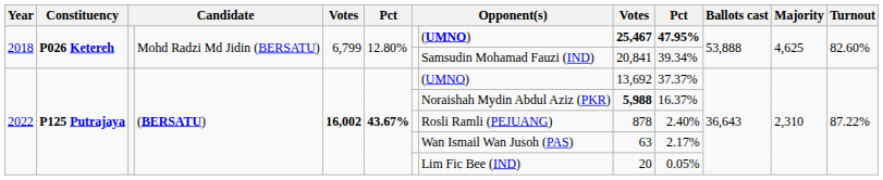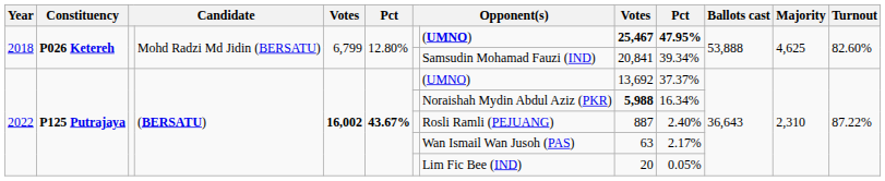 <table class="wikitable" style="margin:0.5em ; font-size:95%">
 <tr>
 <th>Year</th>
 <th>Constituency</th>
 <th colspan=2>Candidate</th>
 <th>Votes</th>
 <th>Pct</th>
 <th colspan=2>Opponent(s)</th>
 <th>Votes</th>
 <th>Pct</th>
 <th>Ballots cast</th>
 <th>Majority</th>
 <th>Turnout</th>
 </tr>
 <tr>
 <td rowspan="2"><a href='#'>2018</a></td>
 <td rowspan="2"><strong>P026 <a href='#'>Ketereh</a></strong></td>
 <td rowspan="2" ></td>
 <td rowspan="2">Mohd Radzi Md Jidin (<a href='#'>BERSATU</a>)</td>
 <td rowspan="2" align=right>6,799</td>
 <td rowspan="2">12.80%</td>
 <td></td>
 <td> (<a href='#'><strong>UMNO</strong></a>)</td>
 <td align=right><strong>25,467</strong></td>
 <td><strong>47.95%</strong></td>
 <td rowspan="2">53,888</td>
 <td rowspan="2">4,625</td>
 <td rowspan="2">82.60%</td>
 </tr>
 <tr>
 <td></td>
 <td>Samsudin Mohamad Fauzi (<a href='#'>IND</a>)</td>
 <td align=right>20,841</td>
 <td>39.34%</td>
 </tr>
 <tr>
 <td rowspan="5"><a href='#'>2022</a></td>
 <td rowspan="5"><strong>P125 <a href='#'>Putrajaya</a></strong></td>
 <td rowspan="5" bgcolor=></td>
 <td rowspan="5"> (<a href='#'><strong>BERSATU</strong></a>)</td>
 <td rowspan="5" align=right><strong>16,002</strong></td>
 <td rowspan="5"><strong>43.67%</strong></td>
 <td></td>
 <td> (<a href='#'>UMNO</a>)</td>
 <td align=right>13,692</td>
 <td>37.37%</td>
 <td rowspan="5">36,643</td>
 <td rowspan="5">2,310</td>
 <td rowspan="5">87.22%</td>
 </tr>
 <tr>
 <td></td>
 <td>Noraishah Mydin Abdul Aziz (<a href='#'>PKR</a>)</td>
 <td align="right"><strong>5,988</strong></td>
-<td>16.37%</td>
+<td>16.34%</td>
 </tr>
 <tr>
 <td bgcolor=></td>
 <td>Rosli Ramli (<a href='#'>PEJUANG</a>)</td>
-<td align="right">878</td>
+<td align="right">887</td>
 <td align=right>2.40%</td>
 </tr>
 <tr>
 <td></td>
 <td>Wan Ismail Wan Jusoh (<a href='#'>PAS</a>)</td>
 <td align="right">63</td>
 <td align="right">2.17%</td>
 </tr>
 <tr>
 <td></td>
 <td>Lim Fic Bee (<a href='#'>IND</a>)</td>
 <td align="right">20</td>
 <td align="right">0.05%</td>
 </tr>
 </table>
